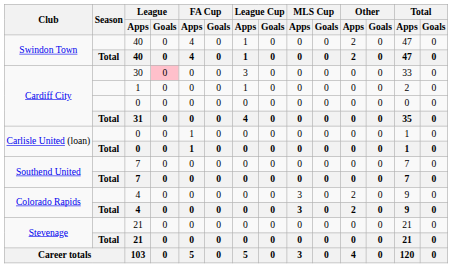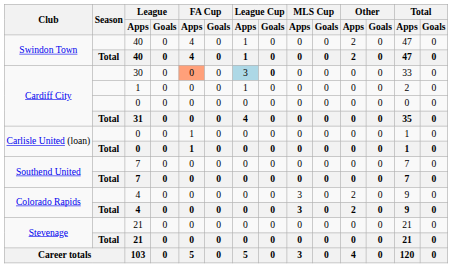 <table class="wikitable" style="text-align: center;">
 <tr>
 <th rowspan="2">Club</th>
 <th rowspan="2">Season</th>
 <th colspan="2">League</th>
 <th colspan="2">FA Cup</th>
 <th colspan="2">League Cup</th>
 <th colspan="2">MLS Cup</th>
 <th colspan="2">Other</th>
 <th colspan="2">Total</th>
 </tr>
 <tr>
 <th>Apps</th>
 <th>Goals</th>
 <th>Apps</th>
 <th>Goals</th>
 <th>Apps</th>
 <th>Goals</th>
 <th>Apps</th>
 <th>Goals</th>
 <th>Apps</th>
 <th>Goals</th>
 <th>Apps</th>
 <th>Goals</th>
 </tr>
 <tr>
 <td rowspan="2" valign="center"><a href='#'>Swindon Town</a></td>
 <td></td>
 <td>40</td>
 <td>0</td>
 <td>4</td>
 <td>0</td>
 <td>1</td>
 <td>0</td>
 <td>0</td>
 <td>0</td>
 <td>2</td>
 <td>0</td>
 <td>47</td>
 <td>0</td>
 </tr>
 <tr>
 <th>Total</th>
 <th>40</th>
 <th>0</th>
 <th>4</th>
 <th>0</th>
 <th>1</th>
 <th>0</th>
 <th>0</th>
 <th>0</th>
 <th>2</th>
 <th>0</th>
 <th>47</th>
 <th>0</th>
 </tr>
 <tr>
 <td rowspan="4" valign="center"><a href='#'>Cardiff City</a></td>
 <td></td>
 <td>30</td>
-<td style="background: pink;">0</td>
 <td>0</td>
+<td style="background: lightsalmon;">0</td>
 <td>0</td>
-<td>3</td>
-<td>0</td>
+<td style="background: lightblue;">3</td>
+<td><strong>0</strong></td>
 <td>0</td>
 <td>0</td>
 <td>0</td>
 <td>0</td>
 <td>33</td>
 <td>0</td>
 </tr>
 <tr>
 <td></td>
 <td>1</td>
 <td>0</td>
 <td>0</td>
 <td>0</td>
 <td>1</td>
 <td>0</td>
 <td>0</td>
 <td>0</td>
 <td>0</td>
 <td>0</td>
 <td>2</td>
 <td>0</td>
 </tr>
 <tr>
 <td></td>
 <td>0</td>
 <td>0</td>
 <td>0</td>
 <td>0</td>
 <td>0</td>
 <td>0</td>
 <td>0</td>
 <td>0</td>
 <td>0</td>
 <td>0</td>
 <td>0</td>
 <td>0</td>
 </tr>
 <tr>
 <th>Total</th>
 <th>31</th>
 <th>0</th>
 <th>0</th>
 <th>0</th>
 <th>4</th>
 <th>0</th>
 <th>0</th>
 <th>0</th>
 <th>0</th>
 <th>0</th>
 <th>35</th>
 <th>0</th>
 </tr>
 <tr>
 <td rowspan="2" valign="center"><a href='#'>Carlisle United</a> (loan)</td>
 <td></td>
 <td>0</td>
 <td>0</td>
 <td>1</td>
 <td>0</td>
 <td>0</td>
 <td>0</td>
 <td>0</td>
 <td>0</td>
 <td>0</td>
 <td>0</td>
 <td>1</td>
 <td>0</td>
 </tr>
 <tr>
 <th>Total</th>
 <th>0</th>
 <th>0</th>
 <th>1</th>
 <th>0</th>
 <th>0</th>
 <th>0</th>
 <th>0</th>
 <th>0</th>
 <th>0</th>
 <th>0</th>
 <th>1</th>
 <th>0</th>
 </tr>
 <tr>
 <td rowspan="2" valign="center"><a href='#'>Southend United</a></td>
 <td></td>
 <td>7</td>
 <td>0</td>
 <td>0</td>
 <td>0</td>
 <td>0</td>
 <td>0</td>
 <td>0</td>
 <td>0</td>
 <td>0</td>
 <td>0</td>
 <td>7</td>
 <td>0</td>
 </tr>
 <tr>
 <th>Total</th>
 <th>7</th>
 <th>0</th>
 <th>0</th>
 <th>0</th>
 <th>0</th>
 <th>0</th>
 <th>0</th>
 <th>0</th>
 <th>0</th>
 <th>0</th>
 <th>7</th>
 <th>0</th>
 </tr>
 <tr>
 <td rowspan="2" valign="center"><a href='#'>Colorado Rapids</a></td>
 <td></td>
 <td>4</td>
 <td>0</td>
 <td>0</td>
 <td>0</td>
 <td>0</td>
 <td>0</td>
 <td>3</td>
 <td>0</td>
 <td>2</td>
 <td>0</td>
 <td>9</td>
 <td>0</td>
 </tr>
 <tr>
 <th>Total</th>
 <th>4</th>
 <th>0</th>
 <th>0</th>
 <th>0</th>
 <th>0</th>
 <th>0</th>
 <th>3</th>
 <th>0</th>
 <th>2</th>
 <th>0</th>
 <th>9</th>
 <th>0</th>
 </tr>
 <tr>
 <td rowspan="2" valign="center"><a href='#'>Stevenage</a></td>
 <td></td>
 <td>21</td>
 <td>0</td>
 <td>0</td>
 <td>0</td>
 <td>0</td>
 <td>0</td>
 <td>0</td>
 <td>0</td>
 <td>0</td>
 <td>0</td>
 <td>21</td>
 <td>0</td>
 </tr>
 <tr>
 <th>Total</th>
 <th>21</th>
 <th>0</th>
 <th>0</th>
 <th>0</th>
 <th>0</th>
 <th>0</th>
 <th>0</th>
 <th>0</th>
 <th>0</th>
 <th>0</th>
 <th>21</th>
 <th>0</th>
 </tr>
 <tr>
 <th colspan="2">Career totals</th>
 <th>103</th>
 <th>0</th>
 <th>5</th>
 <th>0</th>
 <th>5</th>
 <th>0</th>
 <th>3</th>
 <th>0</th>
 <th>4</th>
 <th>0</th>
 <th>120</th>
 <th>0</th>
 </tr>
 </table>
